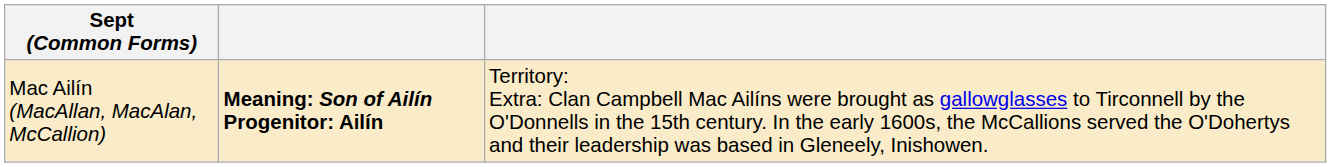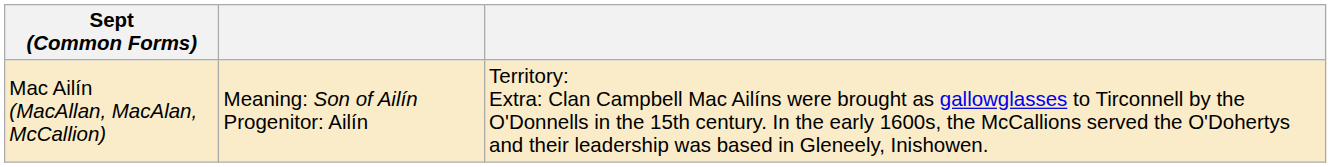 <table class="wikitable">
 <tr>
 <th width="160">Sept<br><em>(Common Forms)</em></th>
 <th width="200"></th>
 <th width="650"></th>
 </tr>
 <tr bgcolor="#faecc8">
 <td>Mac Ailín<br><em>(MacAllan, MacAlan, McCallion)</em></td>
-<td><strong>Meaning: <em>Son of Ailín</em> <br>Progenitor: Ailín</strong></td>
+<td>Meaning: <em>Son of Ailín</em> <br>Progenitor: Ailín</td>
 <td>Territory:<br>Extra: Clan Campbell Mac Ailíns were brought as <a href='#'>gallowglasses</a> to Tirconnell by the O'Donnells in the 15th century. In the early 1600s, the McCallions served the O'Dohertys and their leadership was based in Gleneely, Inishowen.</td>
 </tr>
 </table>
